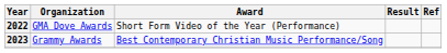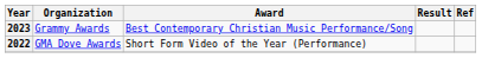 <table class="wikitable plainrowheaders">
 <tr>
 <th>Year</th>
 <th>Organization</th>
 <th>Award</th>
 <th>Result</th>
 <th>Ref</th>
 </tr>
 <tr>
+<th scope="row">2023</th>
+<td><a href='#'>Grammy Awards</a></td>
+<td><a href='#'>Best Contemporary Christian Music Performance/Song</a></td>
+<td></td>
+<td></td>
+</tr>
+<tr>
 <th scope="row">2022</th>
 <td><a href='#'>GMA Dove Awards</a></td>
 <td>Short Form Video of the Year (Performance)</td>
 <td></td>
 <td></td>
 </tr>
 <tr>
-<th scope="row">2023</th>
-<td><a href='#'>Grammy Awards</a></td>
-<td><a href='#'>Best Contemporary Christian Music Performance/Song</a></td>
-<td></td>
-<td></td>
-</tr>
-<tr>
 </tr>
 </table>
